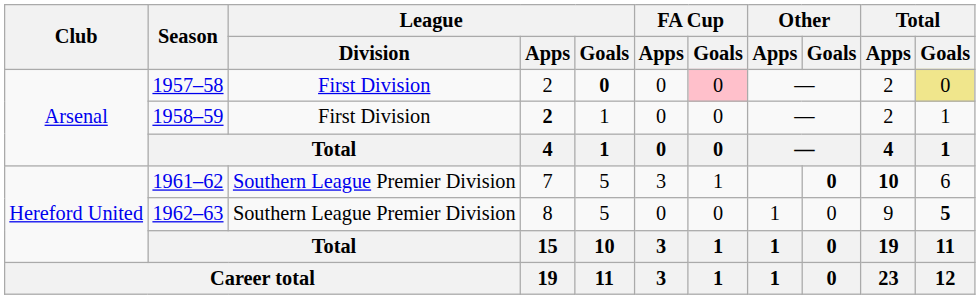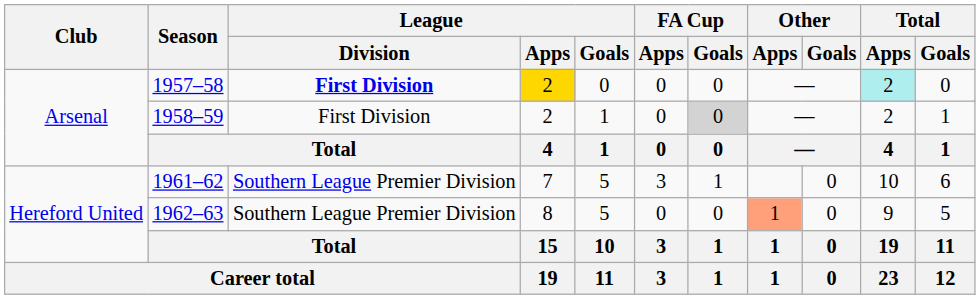 <table class="wikitable" style="text-align: center;">
 <tr>
 <th rowspan="2">Club</th>
 <th rowspan="2">Season</th>
 <th colspan="3">League</th>
 <th colspan="2">FA Cup</th>
 <th colspan="2">Other</th>
 <th colspan="2">Total</th>
 </tr>
 <tr>
 <th>Division</th>
 <th>Apps</th>
 <th>Goals</th>
 <th>Apps</th>
 <th>Goals</th>
 <th>Apps</th>
 <th>Goals</th>
 <th>Apps</th>
 <th>Goals</th>
 </tr>
 <tr>
 <td rowspan="3"><a href='#'>Arsenal</a></td>
 <td><a href='#'>1957–58</a></td>
-<td><a href='#'>First Division</a></td>
-<td>2</td>
-<td><strong>0</strong></td>
+<td><strong><a href='#'>First Division</a></strong></td>
+<td style="background: gold;">2</td>
 <td>0</td>
-<td style="background: pink;">0</td>
+<td>0</td>
+<td>0</td>
 <td colspan="2">―</td>
-<td>2</td>
-<td style="background: khaki;">0</td>
+<td style="background: paleturquoise;">2</td>
+<td>0</td>
 </tr>
 <tr>
 <td><a href='#'>1958–59</a></td>
 <td>First Division</td>
-<td><strong>2</strong></td>
+<td>2</td>
 <td>1</td>
 <td>0</td>
-<td>0</td>
+<td style="background: lightgrey;">0</td>
 <td colspan="2">―</td>
 <td>2</td>
 <td>1</td>
 </tr>
 <tr>
 <th colspan="2">Total</th>
 <th>4</th>
 <th>1</th>
 <th>0</th>
 <th>0</th>
 <th colspan="2">―</th>
 <th>4</th>
 <th>1</th>
 </tr>
 <tr>
 <td rowspan="3"><a href='#'>Hereford United</a></td>
 <td><a href='#'>1961–62</a></td>
 <td><a href='#'>Southern League</a> Premier Division</td>
 <td>7</td>
 <td>5</td>
 <td>3</td>
 <td>1</td>
 <td></td>
-<td><strong>0</strong></td>
-<td><strong>10</strong></td>
+<td>0</td>
+<td>10</td>
 <td>6</td>
 </tr>
 <tr>
 <td><a href='#'>1962–63</a></td>
 <td>Southern League Premier Division</td>
 <td>8</td>
 <td>5</td>
 <td>0</td>
 <td>0</td>
-<td>1</td>
+<td style="background: lightsalmon;">1</td>
 <td>0</td>
 <td>9</td>
-<td><strong>5</strong></td>
+<td>5</td>
 </tr>
 <tr>
 <th colspan="2">Total</th>
 <th>15</th>
 <th>10</th>
 <th>3</th>
 <th>1</th>
 <th>1</th>
 <th>0</th>
 <th>19</th>
 <th>11</th>
 </tr>
 <tr>
 <th colspan="3">Career total</th>
 <th>19</th>
 <th>11</th>
 <th>3</th>
 <th>1</th>
 <th>1</th>
 <th>0</th>
 <th>23</th>
 <th>12</th>
 </tr>
 </table>
